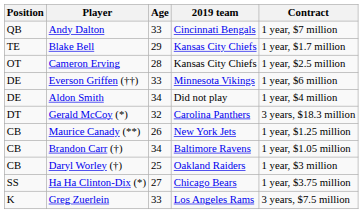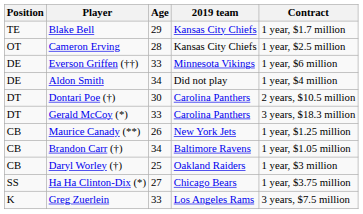 <table class="wikitable">
 <tr>
 <th>Position</th>
 <th>Player</th>
 <th>Age</th>
 <th>2019 team</th>
 <th>Contract</th>
-</tr>
-<tr>
-<td>QB</td>
-<td><a href='#'>Andy Dalton</a></td>
-<td>33</td>
-<td><a href='#'>Cincinnati Bengals</a></td>
-<td>1 year, $7 million</td>
 </tr>
 <tr>
 <td>TE</td>
 <td><a href='#'>Blake Bell</a></td>
 <td>29</td>
 <td><a href='#'>Kansas City Chiefs</a></td>
 <td>1 year, $1.7 million</td>
 </tr>
 <tr>
 <td>OT</td>
 <td><a href='#'>Cameron Erving</a></td>
 <td>28</td>
 <td>Kansas City Chiefs</td>
 <td>1 year, $2.5 million</td>
 </tr>
 <tr>
 <td>DE</td>
 <td><a href='#'>Everson Griffen</a> (††)</td>
 <td>33</td>
 <td><a href='#'>Minnesota Vikings</a></td>
 <td>1 year, $6 million</td>
 </tr>
 <tr>
 <td>DE</td>
 <td><a href='#'>Aldon Smith</a></td>
 <td>34</td>
 <td>Did not play</td>
 <td>1 year, $4 million</td>
 </tr>
 <tr>
 <td>DT</td>
+<td><a href='#'>Dontari Poe</a> (†)</td>
+<td>30</td>
+<td><a href='#'>Carolina Panthers</a></td>
+<td>2 years, $10.5 million</td>
+</tr>
+<tr>
+<td>DT</td>
 <td><a href='#'>Gerald McCoy</a> (*)</td>
-<td>32</td>
+<td>33</td>
 <td><a href='#'>Carolina Panthers</a></td>
 <td>3 years, $18.3 million</td>
 </tr>
 <tr>
 <td>CB</td>
 <td><a href='#'>Maurice Canady</a> (**)</td>
 <td>26</td>
 <td><a href='#'>New York Jets</a></td>
 <td>1 year, $1.25 million</td>
 </tr>
 <tr>
 <td>CB</td>
 <td><a href='#'>Brandon Carr</a> (†)</td>
 <td>34</td>
 <td><a href='#'>Baltimore Ravens</a></td>
 <td>1 year, $1.05 million</td>
 </tr>
 <tr>
 <td>CB</td>
 <td><a href='#'>Daryl Worley</a> (†)</td>
 <td>25</td>
 <td><a href='#'>Oakland Raiders</a></td>
 <td>1 year, $3 million</td>
 </tr>
 <tr>
 <td>SS</td>
 <td><a href='#'>Ha Ha Clinton-Dix</a> (*)</td>
 <td>27</td>
 <td><a href='#'>Chicago Bears</a></td>
 <td>1 year, $3.75 million</td>
 </tr>
 <tr>
 <td>K</td>
 <td><a href='#'>Greg Zuerlein</a></td>
 <td>33</td>
 <td><a href='#'>Los Angeles Rams</a></td>
 <td>3 years, $7.5 million</td>
 </tr>
 </table>
